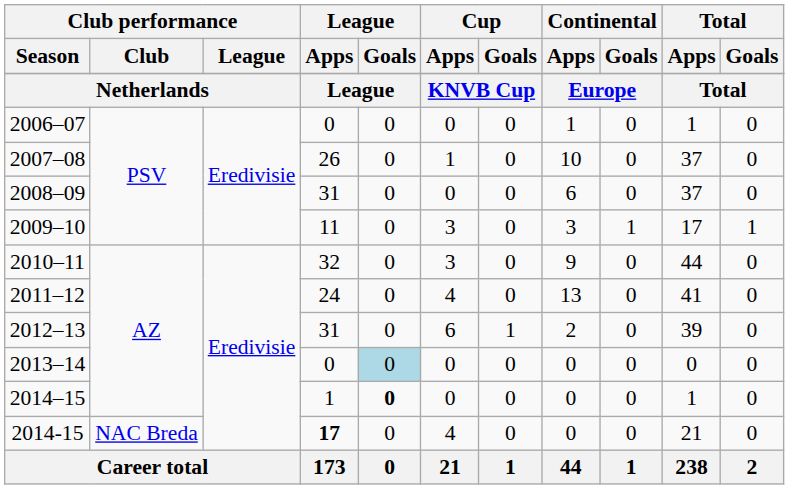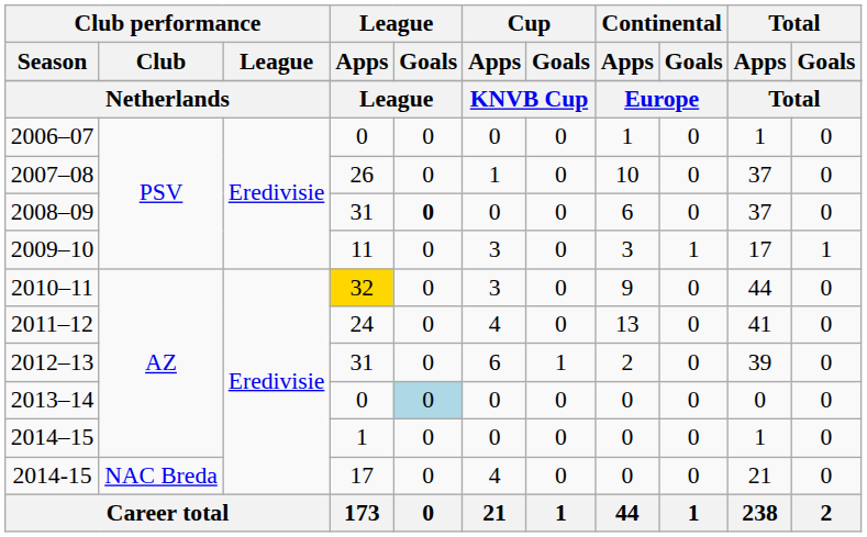 <table class="wikitable" style="text-align:center">
 <tr>
 <th colspan=3>Club performance</th>
 <th colspan=2>League</th>
 <th colspan=2>Cup</th>
 <th colspan=2>Continental</th>
 <th colspan=2>Total</th>
 </tr>
 <tr>
 <th>Season</th>
 <th>Club</th>
 <th>League</th>
 <th>Apps</th>
 <th>Goals</th>
 <th>Apps</th>
 <th>Goals</th>
 <th>Apps</th>
 <th>Goals</th>
 <th>Apps</th>
 <th>Goals</th>
 </tr>
 <tr>
 </tr>
 <tr>
 <th colspan=3>Netherlands</th>
 <th colspan=2>League</th>
 <th colspan=2><a href='#'>KNVB Cup</a></th>
 <th colspan=2><a href='#'>Europe</a></th>
 <th colspan=2>Total</th>
 </tr>
 <tr>
 <td>2006–07</td>
 <td rowspan="4"><a href='#'>PSV</a></td>
 <td rowspan="4"><a href='#'>Eredivisie</a></td>
 <td>0</td>
 <td>0</td>
 <td>0</td>
 <td>0</td>
 <td>1</td>
 <td>0</td>
 <td>1</td>
 <td>0</td>
 </tr>
 <tr>
 <td>2007–08</td>
 <td>26</td>
 <td>0</td>
 <td>1</td>
 <td>0</td>
 <td>10</td>
 <td>0</td>
 <td>37</td>
 <td>0</td>
 </tr>
 <tr>
 <td>2008–09</td>
 <td>31</td>
-<td>0</td>
+<td><strong>0</strong></td>
 <td>0</td>
 <td>0</td>
 <td>6</td>
 <td>0</td>
 <td>37</td>
 <td>0</td>
 </tr>
 <tr>
 <td>2009–10</td>
 <td>11</td>
 <td>0</td>
 <td>3</td>
 <td>0</td>
 <td>3</td>
 <td>1</td>
 <td>17</td>
 <td>1</td>
 </tr>
 <tr>
 <td>2010–11</td>
 <td rowspan="5"><a href='#'>AZ</a></td>
 <td rowspan="6"><a href='#'>Eredivisie</a></td>
-<td>32</td>
+<td style="background: gold;">32</td>
 <td>0</td>
 <td>3</td>
 <td>0</td>
 <td>9</td>
 <td>0</td>
 <td>44</td>
 <td>0</td>
 </tr>
 <tr>
 <td>2011–12</td>
 <td>24</td>
 <td>0</td>
 <td>4</td>
 <td>0</td>
 <td>13</td>
 <td>0</td>
 <td>41</td>
 <td>0</td>
 </tr>
 <tr>
 <td>2012–13</td>
 <td>31</td>
 <td>0</td>
 <td>6</td>
 <td>1</td>
 <td>2</td>
 <td>0</td>
 <td>39</td>
 <td>0</td>
 </tr>
 <tr>
 <td>2013–14</td>
 <td>0</td>
 <td style="background: lightblue;">0</td>
 <td>0</td>
 <td>0</td>
 <td>0</td>
 <td>0</td>
 <td>0</td>
 <td>0</td>
 </tr>
 <tr>
 <td>2014–15</td>
 <td>1</td>
-<td><strong>0</strong></td>
+<td>0</td>
 <td>0</td>
 <td>0</td>
 <td>0</td>
 <td>0</td>
 <td>1</td>
 <td>0</td>
 </tr>
 <tr>
 <td>2014-15</td>
 <td rowspan="1"><a href='#'>NAC Breda</a></td>
-<td><strong>17</strong></td>
+<td>17</td>
 <td>0</td>
 <td>4</td>
 <td>0</td>
 <td>0</td>
 <td>0</td>
 <td>21</td>
 <td>0</td>
 </tr>
 <tr>
 <th colspan=3>Career total</th>
 <th>173</th>
 <th>0</th>
 <th>21</th>
 <th>1</th>
 <th>44</th>
 <th>1</th>
 <th>238</th>
 <th>2</th>
 </tr>
 </table>
